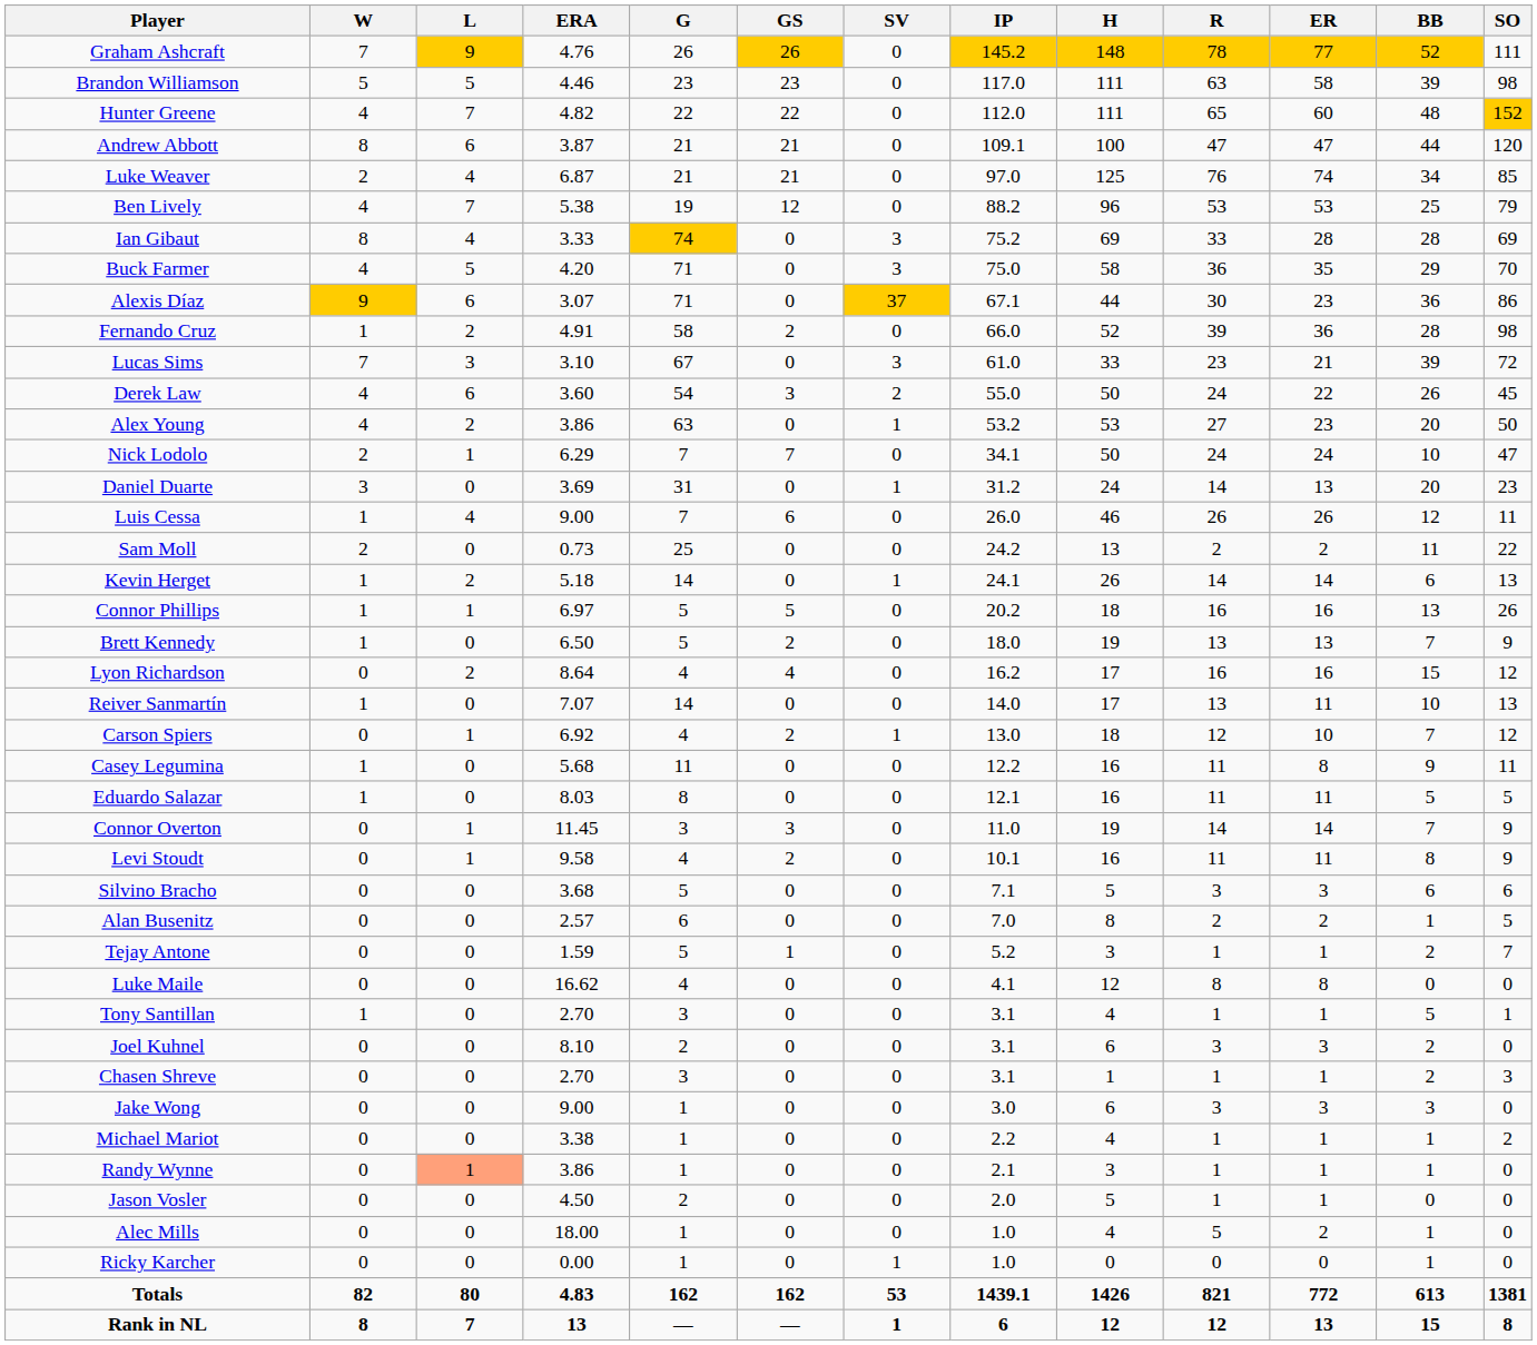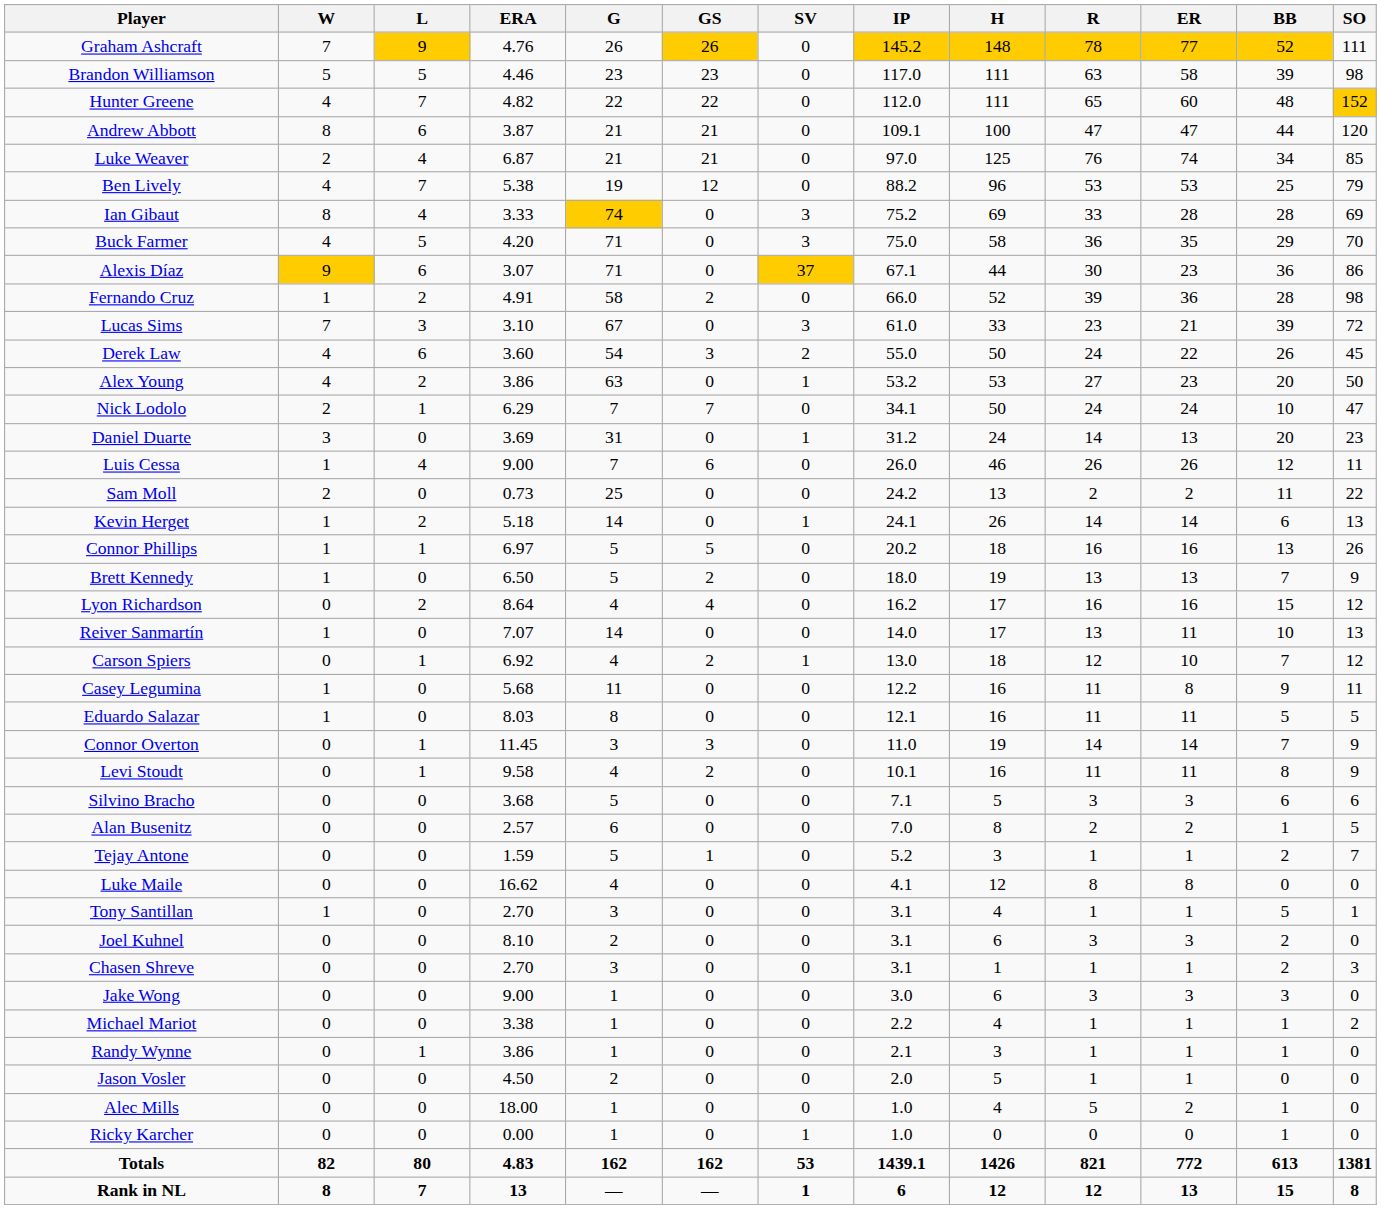 <table class=wikitable style="text-align:center">
 <tr>
 <th bgcolor=#DDDDFF; width="20%">Player</th>
 <th bgcolor=#DDDDFF; width="7%">W</th>
 <th bgcolor=#DDDDFF; width="7%">L</th>
 <th bgcolor=#DDDDFF; width="7%">ERA</th>
 <th bgcolor=#DDDDFF; width="7%">G</th>
 <th bgcolor=#DDDDFF; width="7%">GS</th>
 <th bgcolor=#DDDDFF; width="7%">SV</th>
 <th bgcolor=#DDDDFF; width="7%">IP</th>
 <th bgcolor=#DDDDFF; width="7%">H</th>
 <th bgcolor=#DDDDFF; width="7%">R</th>
 <th bgcolor=#DDDDFF; width="7%">ER</th>
 <th bgcolor=#DDDDFF; width="7%">BB</th>
 <th bgcolor=#DDDDFF; width="7%">SO</th>
 </tr>
 <tr>
 <td><a href='#'>Graham Ashcraft</a></td>
 <td>7</td>
 <td bgcolor=#ffcc00>9</td>
 <td>4.76</td>
 <td>26</td>
 <td bgcolor=#ffcc00>26</td>
 <td>0</td>
 <td bgcolor=#ffcc00>145.2</td>
 <td bgcolor=#ffcc00>148</td>
 <td bgcolor=#ffcc00>78</td>
 <td bgcolor=#ffcc00>77</td>
 <td bgcolor=#ffcc00>52</td>
 <td>111</td>
 </tr>
 <tr>
 <td><a href='#'>Brandon Williamson</a></td>
 <td>5</td>
 <td>5</td>
 <td>4.46</td>
 <td>23</td>
 <td>23</td>
 <td>0</td>
 <td>117.0</td>
 <td>111</td>
 <td>63</td>
 <td>58</td>
 <td>39</td>
 <td>98</td>
 </tr>
 <tr>
 <td><a href='#'>Hunter Greene</a></td>
 <td>4</td>
 <td>7</td>
 <td>4.82</td>
 <td>22</td>
 <td>22</td>
 <td>0</td>
 <td>112.0</td>
 <td>111</td>
 <td>65</td>
 <td>60</td>
 <td>48</td>
 <td bgcolor=#ffcc00>152</td>
 </tr>
 <tr>
 <td><a href='#'>Andrew Abbott</a></td>
 <td>8</td>
 <td>6</td>
 <td>3.87</td>
 <td>21</td>
 <td>21</td>
 <td>0</td>
 <td>109.1</td>
 <td>100</td>
 <td>47</td>
 <td>47</td>
 <td>44</td>
 <td>120</td>
 </tr>
 <tr>
 <td><a href='#'>Luke Weaver</a></td>
 <td>2</td>
 <td>4</td>
 <td>6.87</td>
 <td>21</td>
 <td>21</td>
 <td>0</td>
 <td>97.0</td>
 <td>125</td>
 <td>76</td>
 <td>74</td>
 <td>34</td>
 <td>85</td>
 </tr>
 <tr>
 <td><a href='#'>Ben Lively</a></td>
 <td>4</td>
 <td>7</td>
 <td>5.38</td>
 <td>19</td>
 <td>12</td>
 <td>0</td>
 <td>88.2</td>
 <td>96</td>
 <td>53</td>
 <td>53</td>
 <td>25</td>
 <td>79</td>
 </tr>
 <tr>
 <td><a href='#'>Ian Gibaut</a></td>
 <td>8</td>
 <td>4</td>
 <td>3.33</td>
 <td bgcolor=#ffcc00>74</td>
 <td>0</td>
 <td>3</td>
 <td>75.2</td>
 <td>69</td>
 <td>33</td>
 <td>28</td>
 <td>28</td>
 <td>69</td>
 </tr>
 <tr>
 <td><a href='#'>Buck Farmer</a></td>
 <td>4</td>
 <td>5</td>
 <td>4.20</td>
 <td>71</td>
 <td>0</td>
 <td>3</td>
 <td>75.0</td>
 <td>58</td>
 <td>36</td>
 <td>35</td>
 <td>29</td>
 <td>70</td>
 </tr>
 <tr>
 <td><a href='#'>Alexis Díaz</a></td>
 <td bgcolor=#ffcc00>9</td>
 <td>6</td>
 <td>3.07</td>
 <td>71</td>
 <td>0</td>
 <td bgcolor=#ffcc00>37</td>
 <td>67.1</td>
 <td>44</td>
 <td>30</td>
 <td>23</td>
 <td>36</td>
 <td>86</td>
 </tr>
 <tr>
 <td><a href='#'>Fernando Cruz</a></td>
 <td>1</td>
 <td>2</td>
 <td>4.91</td>
 <td>58</td>
 <td>2</td>
 <td>0</td>
 <td>66.0</td>
 <td>52</td>
 <td>39</td>
 <td>36</td>
 <td>28</td>
 <td>98</td>
 </tr>
 <tr>
 <td><a href='#'>Lucas Sims</a></td>
 <td>7</td>
 <td>3</td>
 <td>3.10</td>
 <td>67</td>
 <td>0</td>
 <td>3</td>
 <td>61.0</td>
 <td>33</td>
 <td>23</td>
 <td>21</td>
 <td>39</td>
 <td>72</td>
 </tr>
 <tr>
 <td><a href='#'>Derek Law</a></td>
 <td>4</td>
 <td>6</td>
 <td>3.60</td>
 <td>54</td>
 <td>3</td>
 <td>2</td>
 <td>55.0</td>
 <td>50</td>
 <td>24</td>
 <td>22</td>
 <td>26</td>
 <td>45</td>
 </tr>
 <tr>
 <td><a href='#'>Alex Young</a></td>
 <td>4</td>
 <td>2</td>
 <td>3.86</td>
 <td>63</td>
 <td>0</td>
 <td>1</td>
 <td>53.2</td>
 <td>53</td>
 <td>27</td>
 <td>23</td>
 <td>20</td>
 <td>50</td>
 </tr>
 <tr>
 <td><a href='#'>Nick Lodolo</a></td>
 <td>2</td>
 <td>1</td>
 <td>6.29</td>
 <td>7</td>
 <td>7</td>
 <td>0</td>
 <td>34.1</td>
 <td>50</td>
 <td>24</td>
 <td>24</td>
 <td>10</td>
 <td>47</td>
 </tr>
 <tr>
 <td><a href='#'>Daniel Duarte</a></td>
 <td>3</td>
 <td>0</td>
 <td>3.69</td>
 <td>31</td>
 <td>0</td>
 <td>1</td>
 <td>31.2</td>
 <td>24</td>
 <td>14</td>
 <td>13</td>
 <td>20</td>
 <td>23</td>
 </tr>
 <tr>
 <td><a href='#'>Luis Cessa</a></td>
 <td>1</td>
 <td>4</td>
 <td>9.00</td>
 <td>7</td>
 <td>6</td>
 <td>0</td>
 <td>26.0</td>
 <td>46</td>
 <td>26</td>
 <td>26</td>
 <td>12</td>
 <td>11</td>
 </tr>
 <tr>
 <td><a href='#'>Sam Moll</a></td>
 <td>2</td>
 <td>0</td>
 <td>0.73</td>
 <td>25</td>
 <td>0</td>
 <td>0</td>
 <td>24.2</td>
 <td>13</td>
 <td>2</td>
 <td>2</td>
 <td>11</td>
 <td>22</td>
 </tr>
 <tr>
 <td><a href='#'>Kevin Herget</a></td>
 <td>1</td>
 <td>2</td>
 <td>5.18</td>
 <td>14</td>
 <td>0</td>
 <td>1</td>
 <td>24.1</td>
 <td>26</td>
 <td>14</td>
 <td>14</td>
 <td>6</td>
 <td>13</td>
 </tr>
 <tr>
 <td><a href='#'>Connor Phillips</a></td>
 <td>1</td>
 <td>1</td>
 <td>6.97</td>
 <td>5</td>
 <td>5</td>
 <td>0</td>
 <td>20.2</td>
 <td>18</td>
 <td>16</td>
 <td>16</td>
 <td>13</td>
 <td>26</td>
 </tr>
 <tr>
 <td><a href='#'>Brett Kennedy</a></td>
 <td>1</td>
 <td>0</td>
 <td>6.50</td>
 <td>5</td>
 <td>2</td>
 <td>0</td>
 <td>18.0</td>
 <td>19</td>
 <td>13</td>
 <td>13</td>
 <td>7</td>
 <td>9</td>
 </tr>
 <tr>
 <td><a href='#'>Lyon Richardson</a></td>
 <td>0</td>
 <td>2</td>
 <td>8.64</td>
 <td>4</td>
 <td>4</td>
 <td>0</td>
 <td>16.2</td>
 <td>17</td>
 <td>16</td>
 <td>16</td>
 <td>15</td>
 <td>12</td>
 </tr>
 <tr>
 <td><a href='#'>Reiver Sanmartín</a></td>
 <td>1</td>
 <td>0</td>
 <td>7.07</td>
 <td>14</td>
 <td>0</td>
 <td>0</td>
 <td>14.0</td>
 <td>17</td>
 <td>13</td>
 <td>11</td>
 <td>10</td>
 <td>13</td>
 </tr>
 <tr>
 <td><a href='#'>Carson Spiers</a></td>
 <td>0</td>
 <td>1</td>
 <td>6.92</td>
 <td>4</td>
 <td>2</td>
 <td>1</td>
 <td>13.0</td>
 <td>18</td>
 <td>12</td>
 <td>10</td>
 <td>7</td>
 <td>12</td>
 </tr>
 <tr>
 <td><a href='#'>Casey Legumina</a></td>
 <td>1</td>
 <td>0</td>
 <td>5.68</td>
 <td>11</td>
 <td>0</td>
 <td>0</td>
 <td>12.2</td>
 <td>16</td>
 <td>11</td>
 <td>8</td>
 <td>9</td>
 <td>11</td>
 </tr>
 <tr>
 <td><a href='#'>Eduardo Salazar</a></td>
 <td>1</td>
 <td>0</td>
 <td>8.03</td>
 <td>8</td>
 <td>0</td>
 <td>0</td>
 <td>12.1</td>
 <td>16</td>
 <td>11</td>
 <td>11</td>
 <td>5</td>
 <td>5</td>
 </tr>
 <tr>
 <td><a href='#'>Connor Overton</a></td>
 <td>0</td>
 <td>1</td>
 <td>11.45</td>
 <td>3</td>
 <td>3</td>
 <td>0</td>
 <td>11.0</td>
 <td>19</td>
 <td>14</td>
 <td>14</td>
 <td>7</td>
 <td>9</td>
 </tr>
 <tr>
 <td><a href='#'>Levi Stoudt</a></td>
 <td>0</td>
 <td>1</td>
 <td>9.58</td>
 <td>4</td>
 <td>2</td>
 <td>0</td>
 <td>10.1</td>
 <td>16</td>
 <td>11</td>
 <td>11</td>
 <td>8</td>
 <td>9</td>
 </tr>
 <tr>
 <td><a href='#'>Silvino Bracho</a></td>
 <td>0</td>
 <td>0</td>
 <td>3.68</td>
 <td>5</td>
 <td>0</td>
 <td>0</td>
 <td>7.1</td>
 <td>5</td>
 <td>3</td>
 <td>3</td>
 <td>6</td>
 <td>6</td>
 </tr>
 <tr>
 <td><a href='#'>Alan Busenitz</a></td>
 <td>0</td>
 <td>0</td>
 <td>2.57</td>
 <td>6</td>
 <td>0</td>
 <td>0</td>
 <td>7.0</td>
 <td>8</td>
 <td>2</td>
 <td>2</td>
 <td>1</td>
 <td>5</td>
 </tr>
 <tr>
 <td><a href='#'>Tejay Antone</a></td>
 <td>0</td>
 <td>0</td>
 <td>1.59</td>
 <td>5</td>
 <td>1</td>
 <td>0</td>
 <td>5.2</td>
 <td>3</td>
 <td>1</td>
 <td>1</td>
 <td>2</td>
 <td>7</td>
 </tr>
 <tr>
 <td><a href='#'>Luke Maile</a></td>
 <td>0</td>
 <td>0</td>
 <td>16.62</td>
 <td>4</td>
 <td>0</td>
 <td>0</td>
 <td>4.1</td>
 <td>12</td>
 <td>8</td>
 <td>8</td>
 <td>0</td>
 <td>0</td>
 </tr>
 <tr>
 <td><a href='#'>Tony Santillan</a></td>
 <td>1</td>
 <td>0</td>
 <td>2.70</td>
 <td>3</td>
 <td>0</td>
 <td>0</td>
 <td>3.1</td>
 <td>4</td>
 <td>1</td>
 <td>1</td>
 <td>5</td>
 <td>1</td>
 </tr>
 <tr>
 <td><a href='#'>Joel Kuhnel</a></td>
 <td>0</td>
 <td>0</td>
 <td>8.10</td>
 <td>2</td>
 <td>0</td>
 <td>0</td>
 <td>3.1</td>
 <td>6</td>
 <td>3</td>
 <td>3</td>
 <td>2</td>
 <td>0</td>
 </tr>
 <tr>
 <td><a href='#'>Chasen Shreve</a></td>
 <td>0</td>
 <td>0</td>
 <td>2.70</td>
 <td>3</td>
 <td>0</td>
 <td>0</td>
 <td>3.1</td>
 <td>1</td>
 <td>1</td>
 <td>1</td>
 <td>2</td>
 <td>3</td>
 </tr>
 <tr>
 <td><a href='#'>Jake Wong</a></td>
 <td>0</td>
 <td>0</td>
 <td>9.00</td>
 <td>1</td>
 <td>0</td>
 <td>0</td>
 <td>3.0</td>
 <td>6</td>
 <td>3</td>
 <td>3</td>
 <td>3</td>
 <td>0</td>
 </tr>
 <tr>
 <td><a href='#'>Michael Mariot</a></td>
 <td>0</td>
 <td>0</td>
 <td>3.38</td>
 <td>1</td>
 <td>0</td>
 <td>0</td>
 <td>2.2</td>
 <td>4</td>
 <td>1</td>
 <td>1</td>
 <td>1</td>
 <td>2</td>
 </tr>
 <tr>
 <td><a href='#'>Randy Wynne</a></td>
 <td>0</td>
-<td style="background: lightsalmon;">1</td>
+<td>1</td>
 <td>3.86</td>
 <td>1</td>
 <td>0</td>
 <td>0</td>
 <td>2.1</td>
 <td>3</td>
 <td>1</td>
 <td>1</td>
 <td>1</td>
 <td>0</td>
 </tr>
 <tr>
 <td><a href='#'>Jason Vosler</a></td>
 <td>0</td>
 <td>0</td>
 <td>4.50</td>
 <td>2</td>
 <td>0</td>
 <td>0</td>
 <td>2.0</td>
 <td>5</td>
 <td>1</td>
 <td>1</td>
 <td>0</td>
 <td>0</td>
 </tr>
 <tr>
 <td><a href='#'>Alec Mills</a></td>
 <td>0</td>
 <td>0</td>
 <td>18.00</td>
 <td>1</td>
 <td>0</td>
 <td>0</td>
 <td>1.0</td>
 <td>4</td>
 <td>5</td>
 <td>2</td>
 <td>1</td>
 <td>0</td>
 </tr>
 <tr>
 <td><a href='#'>Ricky Karcher</a></td>
 <td>0</td>
 <td>0</td>
 <td>0.00</td>
 <td>1</td>
 <td>0</td>
 <td>1</td>
 <td>1.0</td>
 <td>0</td>
 <td>0</td>
 <td>0</td>
 <td>1</td>
 <td>0</td>
 </tr>
 <tr>
 <td><strong>Totals</strong></td>
 <td><strong>82</strong></td>
 <td><strong>80</strong></td>
 <td><strong>4.83</strong></td>
 <td><strong>162</strong></td>
 <td><strong>162</strong></td>
 <td><strong>53</strong></td>
 <td><strong>1439.1</strong></td>
 <td><strong>1426</strong></td>
 <td><strong>821</strong></td>
 <td><strong>772</strong></td>
 <td><strong>613</strong></td>
 <td><strong>1381</strong></td>
 </tr>
 <tr>
 <td><strong>Rank in NL</strong></td>
 <td><strong>8</strong></td>
 <td><strong>7</strong></td>
 <td><strong>13</strong></td>
 <td>—</td>
 <td>—</td>
 <td><strong>1</strong></td>
 <td><strong>6</strong></td>
 <td><strong>12</strong></td>
 <td><strong>12</strong></td>
 <td><strong>13</strong></td>
 <td><strong>15</strong></td>
 <td><strong>8</strong></td>
 </tr>
 </table>
